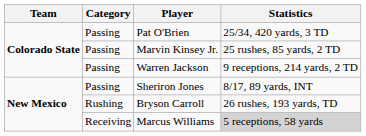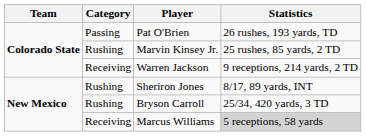 <table class="wikitable" style="float: left;">
 <tr>
 <th>Team</th>
 <th>Category</th>
 <th>Player</th>
 <th>Statistics</th>
 </tr>
 <tr>
 <td rowspan=3><strong>Colorado State</strong></td>
 <td>Passing</td>
 <td>Pat O'Brien</td>
-<td>25/34, 420 yards, 3 TD</td>
+<td>26 rushes, 193 yards, TD</td>
 </tr>
 <tr>
-<td>Passing</td>
+<td>Rushing</td>
 <td>Marvin Kinsey Jr.</td>
 <td>25 rushes, 85 yards, 2 TD</td>
 </tr>
 <tr>
-<td>Passing</td>
+<td>Receiving</td>
 <td>Warren Jackson</td>
 <td>9 receptions, 214 yards, 2 TD</td>
 </tr>
 <tr>
 <td rowspan=3><strong>New Mexico</strong></td>
-<td>Passing</td>
+<td>Rushing</td>
 <td>Sheriron Jones</td>
 <td>8/17, 89 yards, INT</td>
 </tr>
 <tr>
 <td>Rushing</td>
 <td>Bryson Carroll</td>
-<td>26 rushes, 193 yards, TD</td>
+<td>25/34, 420 yards, 3 TD</td>
 </tr>
 <tr>
 <td>Receiving</td>
 <td>Marcus Williams</td>
 <td style="background: lightgrey;">5 receptions, 58 yards</td>
 </tr>
 </table>
